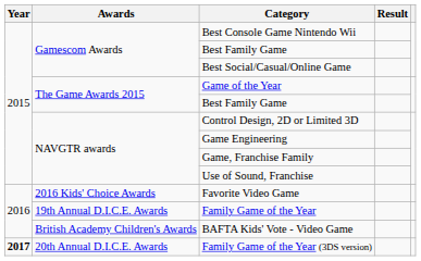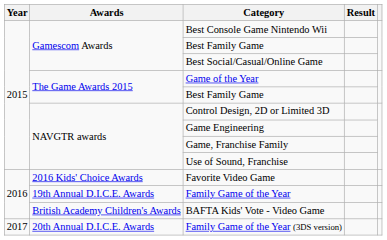 <table class="wikitable">
 <tr>
 <th>Year</th>
 <th>Awards</th>
 <th>Category</th>
 <th>Result</th>
 <th></th>
 </tr>
 <tr>
 <td rowspan="9">2015</td>
 <td rowspan="3"><a href='#'>Gamescom</a> Awards</td>
 <td>Best Console Game Nintendo Wii</td>
 <td></td>
 <td rowspan="3"></td>
 </tr>
 <tr>
 <td>Best Family Game</td>
 <td></td>
 </tr>
 <tr>
 <td>Best Social/Casual/Online Game</td>
 <td></td>
 </tr>
 <tr>
 <td rowspan="2"><a href='#'>The Game Awards 2015</a></td>
 <td><a href='#'>Game of the Year</a></td>
 <td></td>
 <td rowspan="2"></td>
 </tr>
 <tr>
 <td>Best Family Game</td>
 <td></td>
 </tr>
 <tr>
 <td rowspan="4">NAVGTR awards</td>
 <td>Control Design, 2D or Limited 3D</td>
 <td></td>
 <td rowspan="4"></td>
 </tr>
 <tr>
 <td>Game Engineering</td>
 <td></td>
 </tr>
 <tr>
 <td>Game, Franchise Family</td>
 <td></td>
 </tr>
 <tr>
 <td>Use of Sound, Franchise</td>
 <td></td>
 </tr>
 <tr>
 <td rowspan="3">2016</td>
 <td><a href='#'>2016 Kids' Choice Awards</a></td>
 <td>Favorite Video Game</td>
 <td></td>
 <td></td>
 </tr>
 <tr>
 <td><a href='#'>19th Annual D.I.C.E. Awards</a></td>
 <td><a href='#'>Family Game of the Year</a></td>
 <td></td>
 <td></td>
 </tr>
 <tr>
 <td><a href='#'>British Academy Children's Awards</a></td>
 <td>BAFTA Kids' Vote - Video Game</td>
 <td></td>
 <td></td>
 </tr>
 <tr>
-<td><strong>2017</strong></td>
+<td>2017</td>
 <td><a href='#'>20th Annual D.I.C.E. Awards</a></td>
 <td><a href='#'>Family Game of the Year</a> <small>(3DS version)</small></td>
 <td></td>
 <td></td>
 </tr>
 </table>
